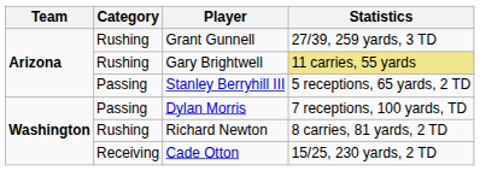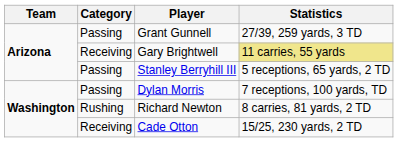 <table class="wikitable" style="float: right;">
 <tr>
 <th>Team</th>
 <th>Category</th>
 <th>Player</th>
 <th>Statistics</th>
 </tr>
 <tr>
 <td rowspan=3><strong>Arizona</strong></td>
-<td>Rushing</td>
+<td>Passing</td>
 <td>Grant Gunnell</td>
 <td>27/39, 259 yards, 3 TD</td>
 </tr>
 <tr>
-<td>Rushing</td>
+<td>Receiving</td>
 <td>Gary Brightwell</td>
 <td style="background: khaki;">11 carries, 55 yards</td>
 </tr>
 <tr>
 <td>Passing</td>
 <td><a href='#'>Stanley Berryhill III</a></td>
 <td>5 receptions, 65 yards, 2 TD</td>
 </tr>
 <tr>
 <td rowspan=3><strong>Washington</strong></td>
 <td>Passing</td>
 <td><a href='#'>Dylan Morris</a></td>
 <td>7 receptions, 100 yards, TD</td>
 </tr>
 <tr>
 <td>Rushing</td>
 <td>Richard Newton</td>
 <td>8 carries, 81 yards, 2 TD</td>
 </tr>
 <tr>
 <td>Receiving</td>
 <td><a href='#'>Cade Otton</a></td>
 <td>15/25, 230 yards, 2 TD</td>
 </tr>
 </table>
